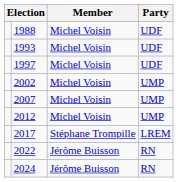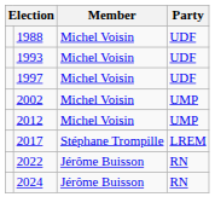 <table class="wikitable">
 <tr>
 <th colspan="2">Election</th>
 <th>Member</th>
 <th>Party</th>
 </tr>
 <tr>
 <td style="color:inherit;background-color: "></td>
 <td><a href='#'>1988</a></td>
 <td><a href='#'>Michel Voisin</a></td>
 <td><a href='#'>UDF</a></td>
 </tr>
 <tr>
 <td style="color:inherit;background-color: "></td>
 <td><a href='#'>1993</a></td>
 <td><a href='#'>Michel Voisin</a></td>
 <td><a href='#'>UDF</a></td>
 </tr>
 <tr>
 <td style="color:inherit;background-color: "></td>
 <td><a href='#'>1997</a></td>
 <td><a href='#'>Michel Voisin</a></td>
 <td><a href='#'>UDF</a></td>
 </tr>
 <tr>
 <td style="color:inherit;background-color: "></td>
 <td><a href='#'>2002</a></td>
 <td><a href='#'>Michel Voisin</a></td>
 <td><a href='#'>UMP</a></td>
 </tr>
 <tr>
 <td style="color:inherit;background-color: "></td>
-<td><a href='#'>2007</a></td>
-<td><a href='#'>Michel Voisin</a></td>
-<td><a href='#'>UMP</a></td>
-</tr>
-<tr>
-<td style="color:inherit;background-color: "></td>
 <td><a href='#'>2012</a></td>
 <td><a href='#'>Michel Voisin</a></td>
 <td><a href='#'>UMP</a></td>
 </tr>
 <tr>
 <td style="color:inherit;background-color: "></td>
 <td><a href='#'>2017</a></td>
 <td><a href='#'>Stéphane Trompille</a></td>
 <td><a href='#'>LREM</a></td>
 </tr>
 <tr>
 <td style="color:inherit;background-color: "></td>
 <td><a href='#'>2022</a></td>
 <td><a href='#'>Jérôme Buisson</a></td>
 <td><a href='#'>RN</a></td>
 </tr>
 <tr>
 <td style="color:inherit;background-color: "></td>
 <td><a href='#'>2024</a></td>
 <td><a href='#'>Jérôme Buisson</a></td>
 <td><a href='#'>RN</a></td>
 </tr>
 </table>
